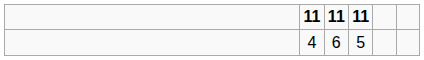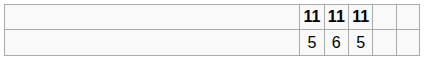 <table class="wikitable">
 <tr>
 <td style="width:18em"></td>
 <td align=center style="width:1em"><strong>11</strong></td>
 <td align=center style="width:1em"><strong>11</strong></td>
 <td align=center style="width:1em"><strong>11</strong></td>
 <td align=center style="width:1em"></td>
 <td align=center style="width:1em"></td>
 </tr>
 <tr>
 <td style="width:18em"></td>
-<td align=center style="width:1em">4</td>
+<td align=center style="width:1em">5</td>
 <td align=center style="width:1em">6</td>
 <td align=center style="width:1em">5</td>
 <td align=center style="width:1em"></td>
 <td align=center style="width:1em"></td>
 </tr>
 </table>
